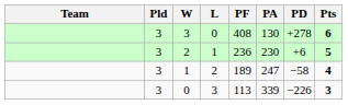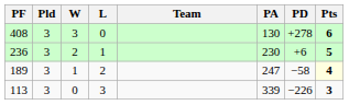 <table class=wikitable style="text-align:center">
 <tr>
-<th width=180>Team</th>
+<th width=30>PF</th>
 <th width=30>Pld</th>
 <th width=30>W</th>
 <th width=30>L</th>
-<th width=30>PF</th>
+<th width=180>Team</th>
 <th width=30>PA</th>
 <th width=30>PD</th>
 <th width=30>Pts</th>
 </tr>
 <tr bgcolor="#ccffcc">
-<td align="left"></td>
+<td>408</td>
 <td>3</td>
 <td>3</td>
 <td>0</td>
-<td>408</td>
+<td align="left"></td>
 <td>130</td>
 <td>+278</td>
 <td><strong>6</strong></td>
 </tr>
 <tr bgcolor="#ccffcc">
-<td align="left"></td>
+<td>236</td>
 <td>3</td>
 <td>2</td>
 <td>1</td>
-<td>236</td>
+<td align="left"></td>
 <td>230</td>
 <td>+6</td>
 <td><strong>5</strong></td>
 </tr>
 <tr>
-<td align="left"></td>
+<td>189</td>
 <td>3</td>
 <td>1</td>
 <td>2</td>
-<td>189</td>
+<td align="left"></td>
 <td>247</td>
 <td>−58</td>
-<td><strong>4</strong></td>
+<td style="background: lightyellow;"><strong>4</strong></td>
 </tr>
 <tr>
-<td align="left"></td>
+<td>113</td>
 <td>3</td>
 <td>0</td>
 <td>3</td>
-<td>113</td>
+<td align="left"></td>
 <td>339</td>
 <td>−226</td>
 <td><strong>3</strong></td>
 </tr>
 </table>
